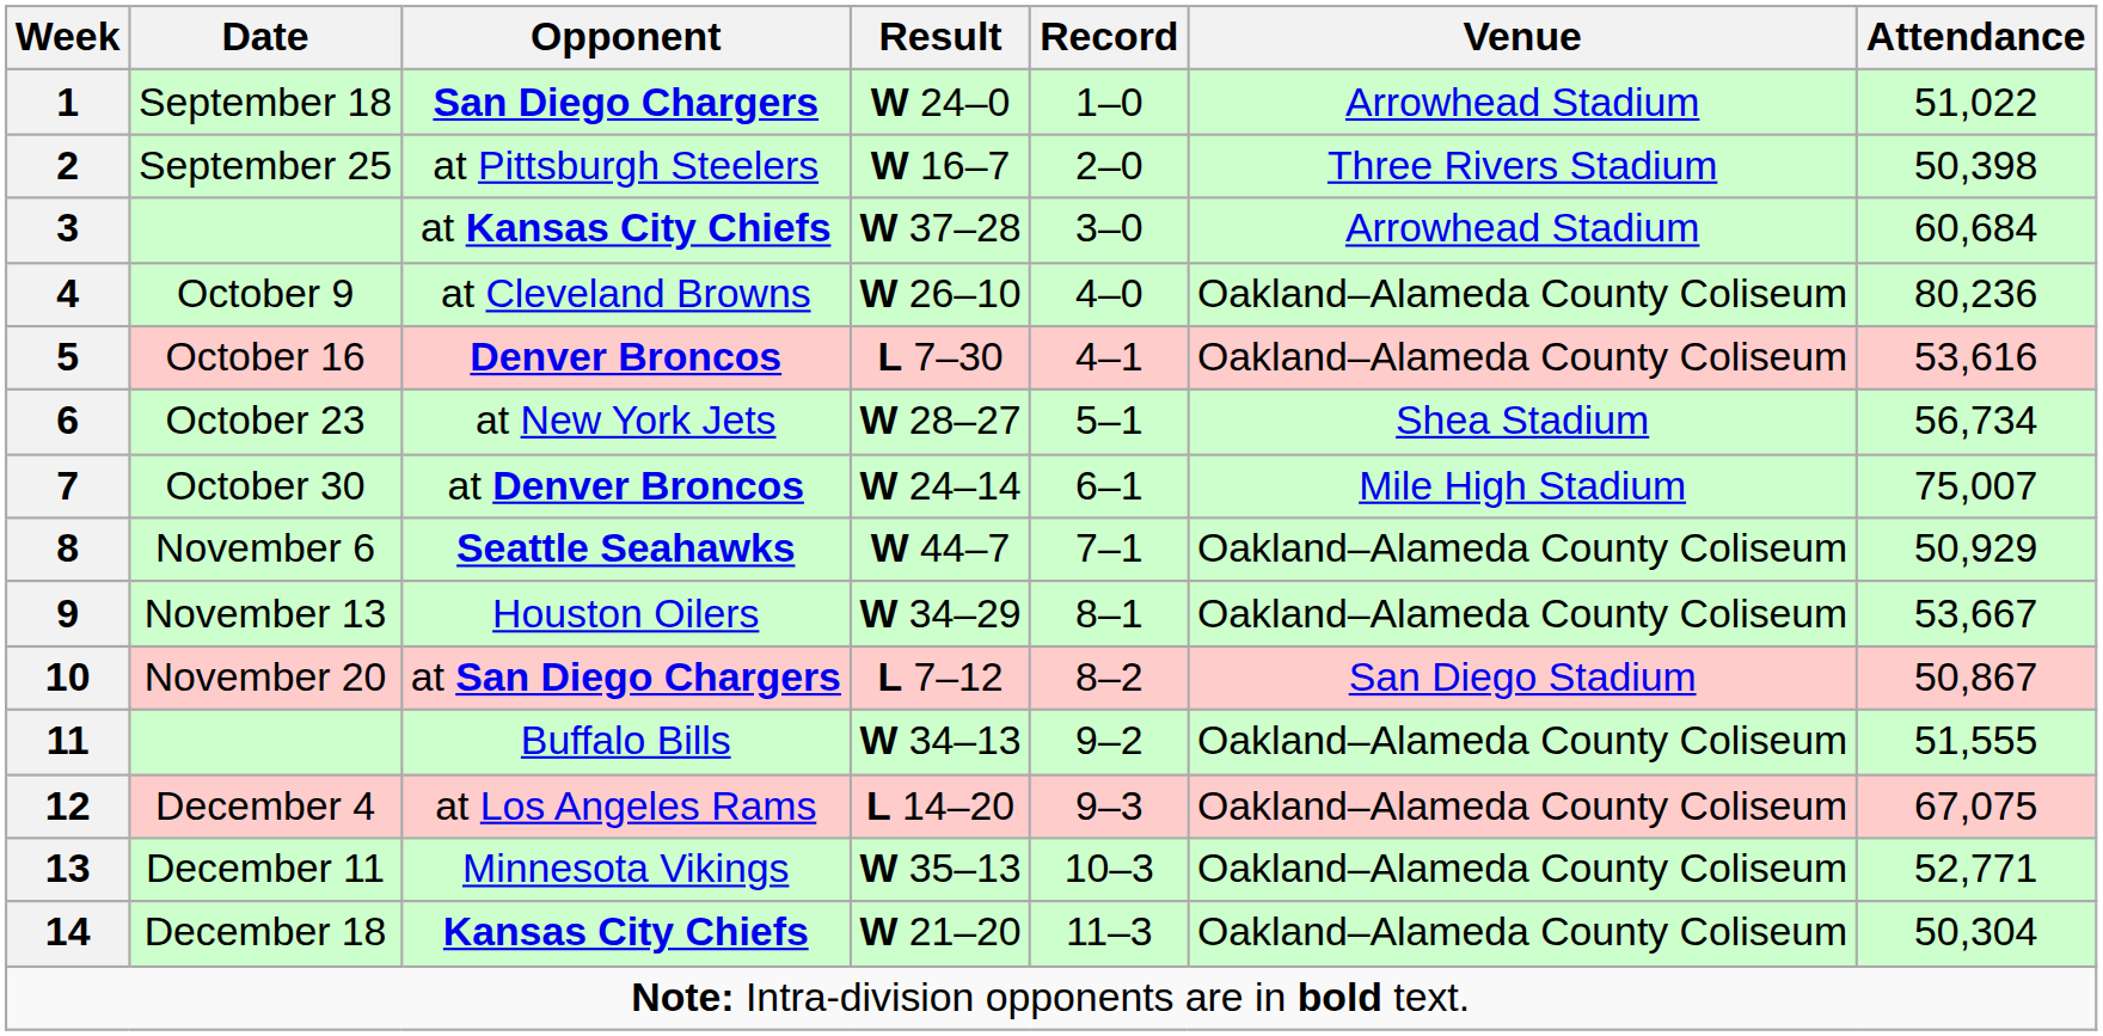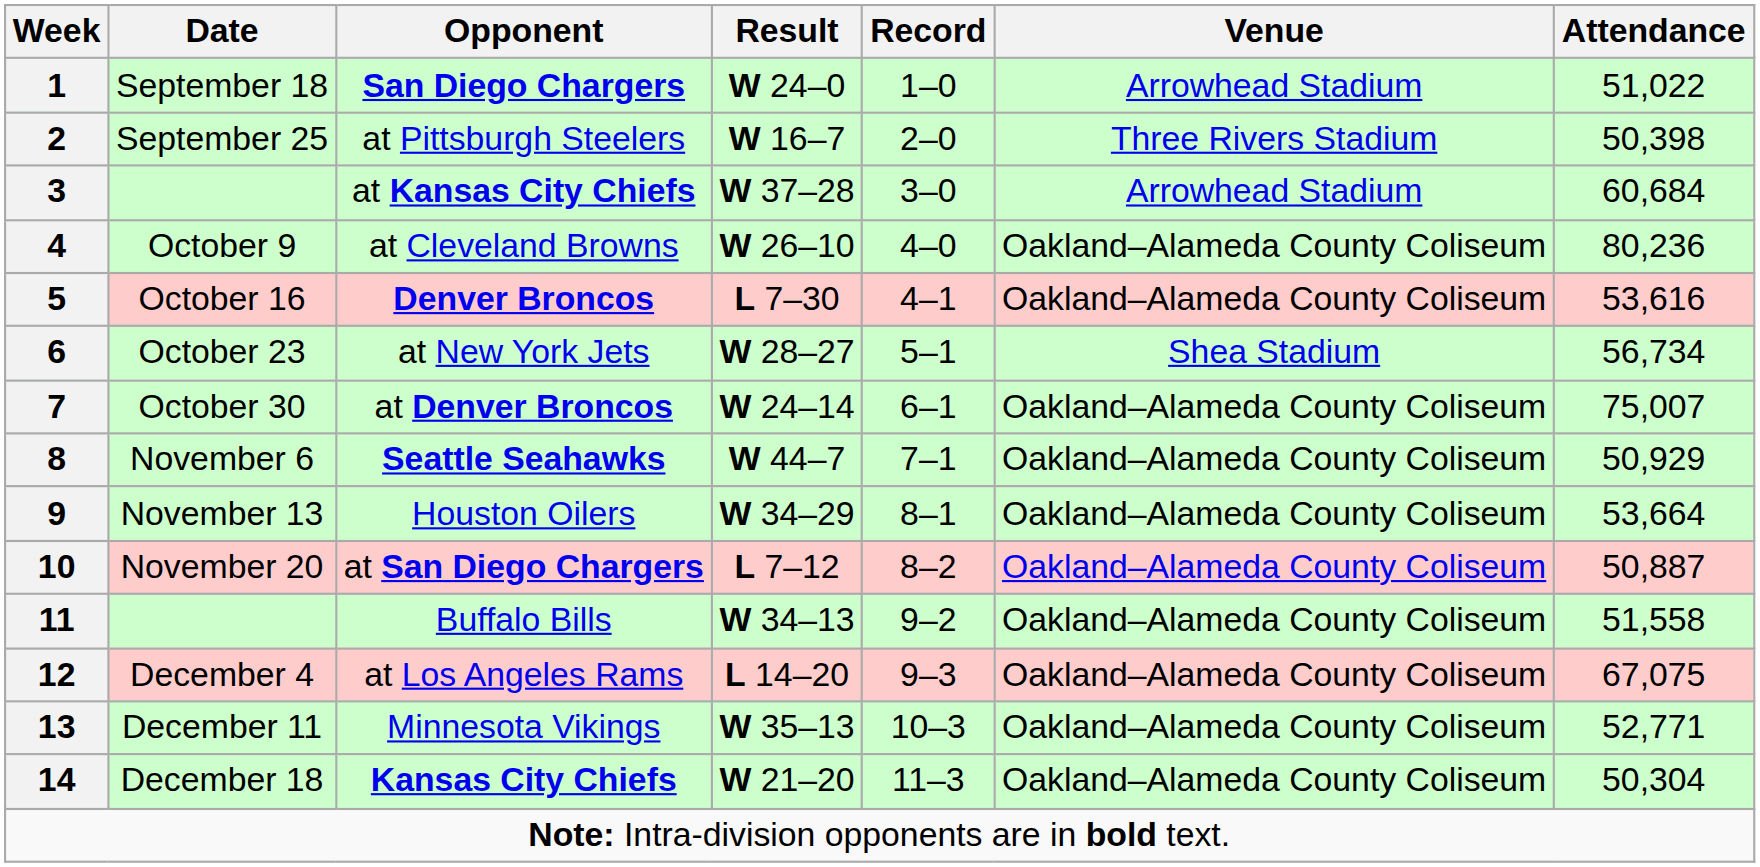 <table class="wikitable" style="text-align:center">
 <tr>
 <th>Week</th>
 <th>Date</th>
 <th>Opponent</th>
 <th>Result</th>
 <th>Record</th>
 <th>Venue</th>
 <th>Attendance</th>
 </tr>
 <tr style="background:#cfc">
 <th>1</th>
 <td>September 18</td>
 <td><strong><a href='#'>San Diego Chargers</a></strong></td>
 <td><strong>W</strong> 24–0</td>
 <td>1–0</td>
 <td><a href='#'>Arrowhead Stadium</a></td>
 <td>51,022</td>
 </tr>
 <tr style="background:#cfc">
 <th>2</th>
 <td>September 25</td>
 <td>at <a href='#'>Pittsburgh Steelers</a></td>
 <td><strong>W</strong> 16–7</td>
 <td>2–0</td>
 <td><a href='#'>Three Rivers Stadium</a></td>
 <td>50,398</td>
 </tr>
 <tr style="background:#cfc">
 <th>3</th>
 <td></td>
 <td>at <strong><a href='#'>Kansas City Chiefs</a></strong></td>
 <td><strong>W</strong> 37–28</td>
 <td>3–0</td>
 <td><a href='#'>Arrowhead Stadium</a></td>
 <td>60,684</td>
 </tr>
 <tr style="background:#cfc">
 <th>4</th>
 <td>October 9</td>
 <td>at <a href='#'>Cleveland Browns</a></td>
 <td><strong>W</strong> 26–10</td>
 <td>4–0</td>
 <td>Oakland–Alameda County Coliseum</td>
 <td>80,236</td>
 </tr>
 <tr style="background:#fcc">
 <th>5</th>
 <td>October 16</td>
 <td><strong><a href='#'>Denver Broncos</a></strong></td>
 <td><strong>L</strong> 7–30</td>
 <td>4–1</td>
 <td>Oakland–Alameda County Coliseum</td>
 <td>53,616</td>
 </tr>
 <tr style="background:#cfc">
 <th>6</th>
 <td>October 23</td>
 <td>at <a href='#'>New York Jets</a></td>
 <td><strong>W</strong> 28–27</td>
 <td>5–1</td>
 <td><a href='#'>Shea Stadium</a></td>
 <td>56,734</td>
 </tr>
 <tr style="background:#cfc">
 <th>7</th>
 <td>October 30</td>
 <td>at <strong><a href='#'>Denver Broncos</a></strong></td>
 <td><strong>W</strong> 24–14</td>
 <td>6–1</td>
-<td><a href='#'>Mile High Stadium</a></td>
+<td>Oakland–Alameda County Coliseum</td>
 <td>75,007</td>
 </tr>
 <tr style="background:#cfc">
 <th>8</th>
 <td>November 6</td>
 <td><strong><a href='#'>Seattle Seahawks</a></strong></td>
 <td><strong>W</strong> 44–7</td>
 <td>7–1</td>
 <td>Oakland–Alameda County Coliseum</td>
 <td>50,929</td>
 </tr>
 <tr style="background:#cfc">
 <th>9</th>
 <td>November 13</td>
 <td><a href='#'>Houston Oilers</a></td>
 <td><strong>W</strong> 34–29</td>
 <td>8–1</td>
 <td>Oakland–Alameda County Coliseum</td>
-<td>53,667</td>
+<td>53,664</td>
 </tr>
 <tr style="background:#fcc">
 <th>10</th>
 <td>November 20</td>
 <td>at <strong><a href='#'>San Diego Chargers</a></strong></td>
 <td><strong>L</strong> 7–12</td>
 <td>8–2</td>
-<td><a href='#'>San Diego Stadium</a></td>
-<td>50,867</td>
+<td><a href='#'>Oakland–Alameda County Coliseum</a></td>
+<td>50,887</td>
 </tr>
 <tr style="background:#cfc">
 <th>11</th>
 <td></td>
 <td><a href='#'>Buffalo Bills</a></td>
 <td><strong>W</strong> 34–13</td>
 <td>9–2</td>
 <td>Oakland–Alameda County Coliseum</td>
-<td>51,555</td>
+<td>51,558</td>
 </tr>
 <tr style="background:#fcc">
 <th>12</th>
 <td>December 4</td>
 <td>at <a href='#'>Los Angeles Rams</a></td>
 <td><strong>L</strong> 14–20</td>
 <td>9–3</td>
 <td>Oakland–Alameda County Coliseum</td>
 <td>67,075</td>
 </tr>
 <tr style="background:#cfc">
 <th>13</th>
 <td>December 11</td>
 <td><a href='#'>Minnesota Vikings</a></td>
 <td><strong>W</strong> 35–13</td>
 <td>10–3</td>
 <td>Oakland–Alameda County Coliseum</td>
 <td>52,771</td>
 </tr>
 <tr style="background:#cfc">
 <th>14</th>
 <td>December 18</td>
 <td><strong><a href='#'>Kansas City Chiefs</a></strong></td>
 <td><strong>W</strong> 21–20</td>
 <td>11–3</td>
 <td>Oakland–Alameda County Coliseum</td>
 <td>50,304</td>
 </tr>
 <tr>
 <td colspan="8"><strong>Note:</strong> Intra-division opponents are in <strong>bold</strong> text.</td>
 </tr>
 </table>
